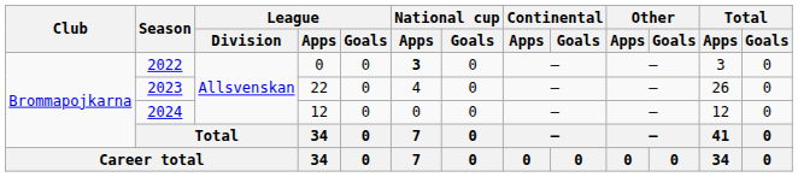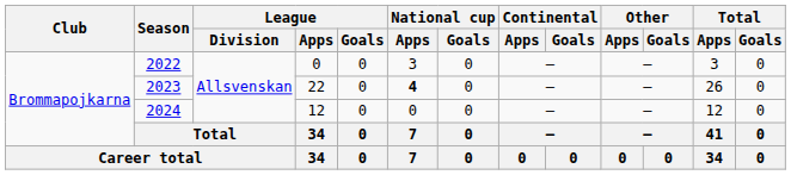 <table class="wikitable" style="text-align:center">
 <tr>
 <th rowspan="2">Club</th>
 <th rowspan="2">Season</th>
 <th colspan="3">League</th>
 <th colspan="2">National cup</th>
 <th colspan="2">Continental</th>
 <th colspan="2">Other</th>
 <th colspan="2">Total</th>
 </tr>
 <tr>
 <th>Division</th>
 <th>Apps</th>
 <th>Goals</th>
 <th>Apps</th>
 <th>Goals</th>
 <th>Apps</th>
 <th>Goals</th>
 <th>Apps</th>
 <th>Goals</th>
 <th>Apps</th>
 <th>Goals</th>
 </tr>
 <tr>
 <td rowspan="4"><a href='#'>Brommapojkarna</a></td>
 <td><a href='#'>2022</a></td>
 <td rowspan="3"><a href='#'>Allsvenskan</a></td>
 <td>0</td>
 <td>0</td>
-<td><strong>3</strong></td>
+<td>3</td>
 <td>0</td>
 <td colspan="2">—</td>
 <td colspan="2">—</td>
 <td>3</td>
 <td>0</td>
 </tr>
 <tr>
 <td><a href='#'>2023</a></td>
 <td>22</td>
 <td>0</td>
-<td>4</td>
+<td><strong>4</strong></td>
 <td>0</td>
 <td colspan="2">—</td>
 <td colspan="2">—</td>
 <td>26</td>
 <td>0</td>
 </tr>
 <tr>
 <td><a href='#'>2024</a></td>
 <td>12</td>
 <td>0</td>
 <td>0</td>
 <td>0</td>
 <td colspan="2">—</td>
 <td colspan="2">—</td>
 <td>12</td>
 <td>0</td>
 </tr>
 <tr>
 <th colspan="2">Total</th>
 <th>34</th>
 <th>0</th>
 <th>7</th>
 <th>0</th>
 <th colspan="2">—</th>
 <th colspan="2">—</th>
 <th>41</th>
 <th>0</th>
 </tr>
 <tr>
 <th colspan="3">Career total</th>
 <th>34</th>
 <th>0</th>
 <th>7</th>
 <th>0</th>
 <th>0</th>
 <th>0</th>
 <th>0</th>
 <th>0</th>
 <th>34</th>
 <th>0</th>
 </tr>
 </table>
